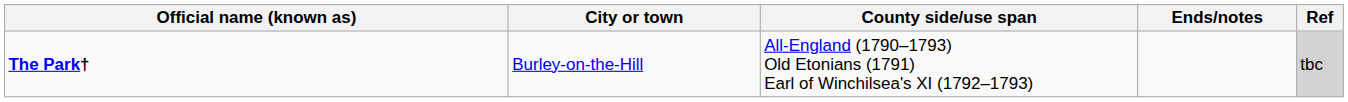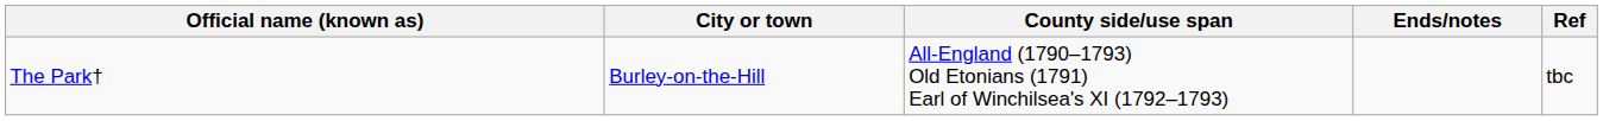 <table class="wikitable" style="width:100%;">
 <tr>
 <th style="width:20%;">Official name (known as)</th>
 <th style="width:10%;">City or town</th>
 <th style="width:15%;">County side/use span</th>
 <th width=5%>Ends/notes</th>
 <th width=1%>Ref</th>
 </tr>
 <tr>
-<td><strong><a href='#'>The Park</a>†</strong></td>
+<td><a href='#'>The Park</a>†</td>
 <td><a href='#'>Burley-on-the-Hill</a></td>
 <td><a href='#'>All-England</a> (1790–1793)<br>Old Etonians (1791)<br>	Earl of Winchilsea's XI (1792–1793)</td>
 <td></td>
-<td style="background: lightgrey;">tbc</td>
+<td>tbc</td>
 </tr>
 </table>
